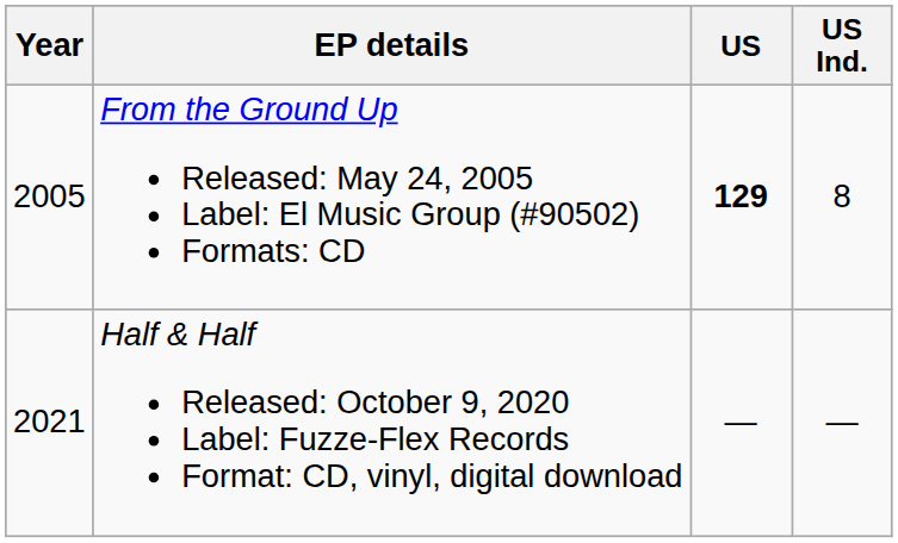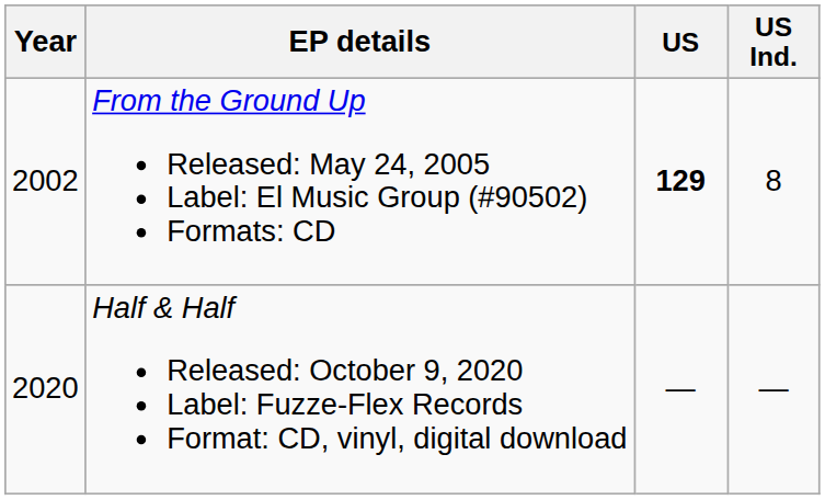 <table class="wikitable">
 <tr>
 <th>Year</th>
 <th>EP details</th>
 <th style="width:3em;font-size:90%">US<br></th>
 <th style="width:3em;font-size:90%">US<br>Ind.<br></th>
 </tr>
 <tr>
-<td>2005</td>
+<td>2002</td>
 <td align="left"><em><a href='#'>From the Ground Up</a></em><br><ul><li>Released: May 24, 2005</li><li>Label: El Music Group (#90502)</li><li>Formats: CD</li></ul></td>
 <td align="center"><strong>129</strong></td>
 <td align="center">8</td>
 </tr>
 <tr>
-<td>2021</td>
+<td>2020</td>
 <td align="left"><em>Half & Half</em><br><ul><li>Released: October 9, 2020</li><li>Label: Fuzze-Flex Records</li><li>Format: CD, vinyl, digital download</li></ul></td>
 <td align="center">—</td>
 <td align="center">—</td>
 </tr>
 </table>
